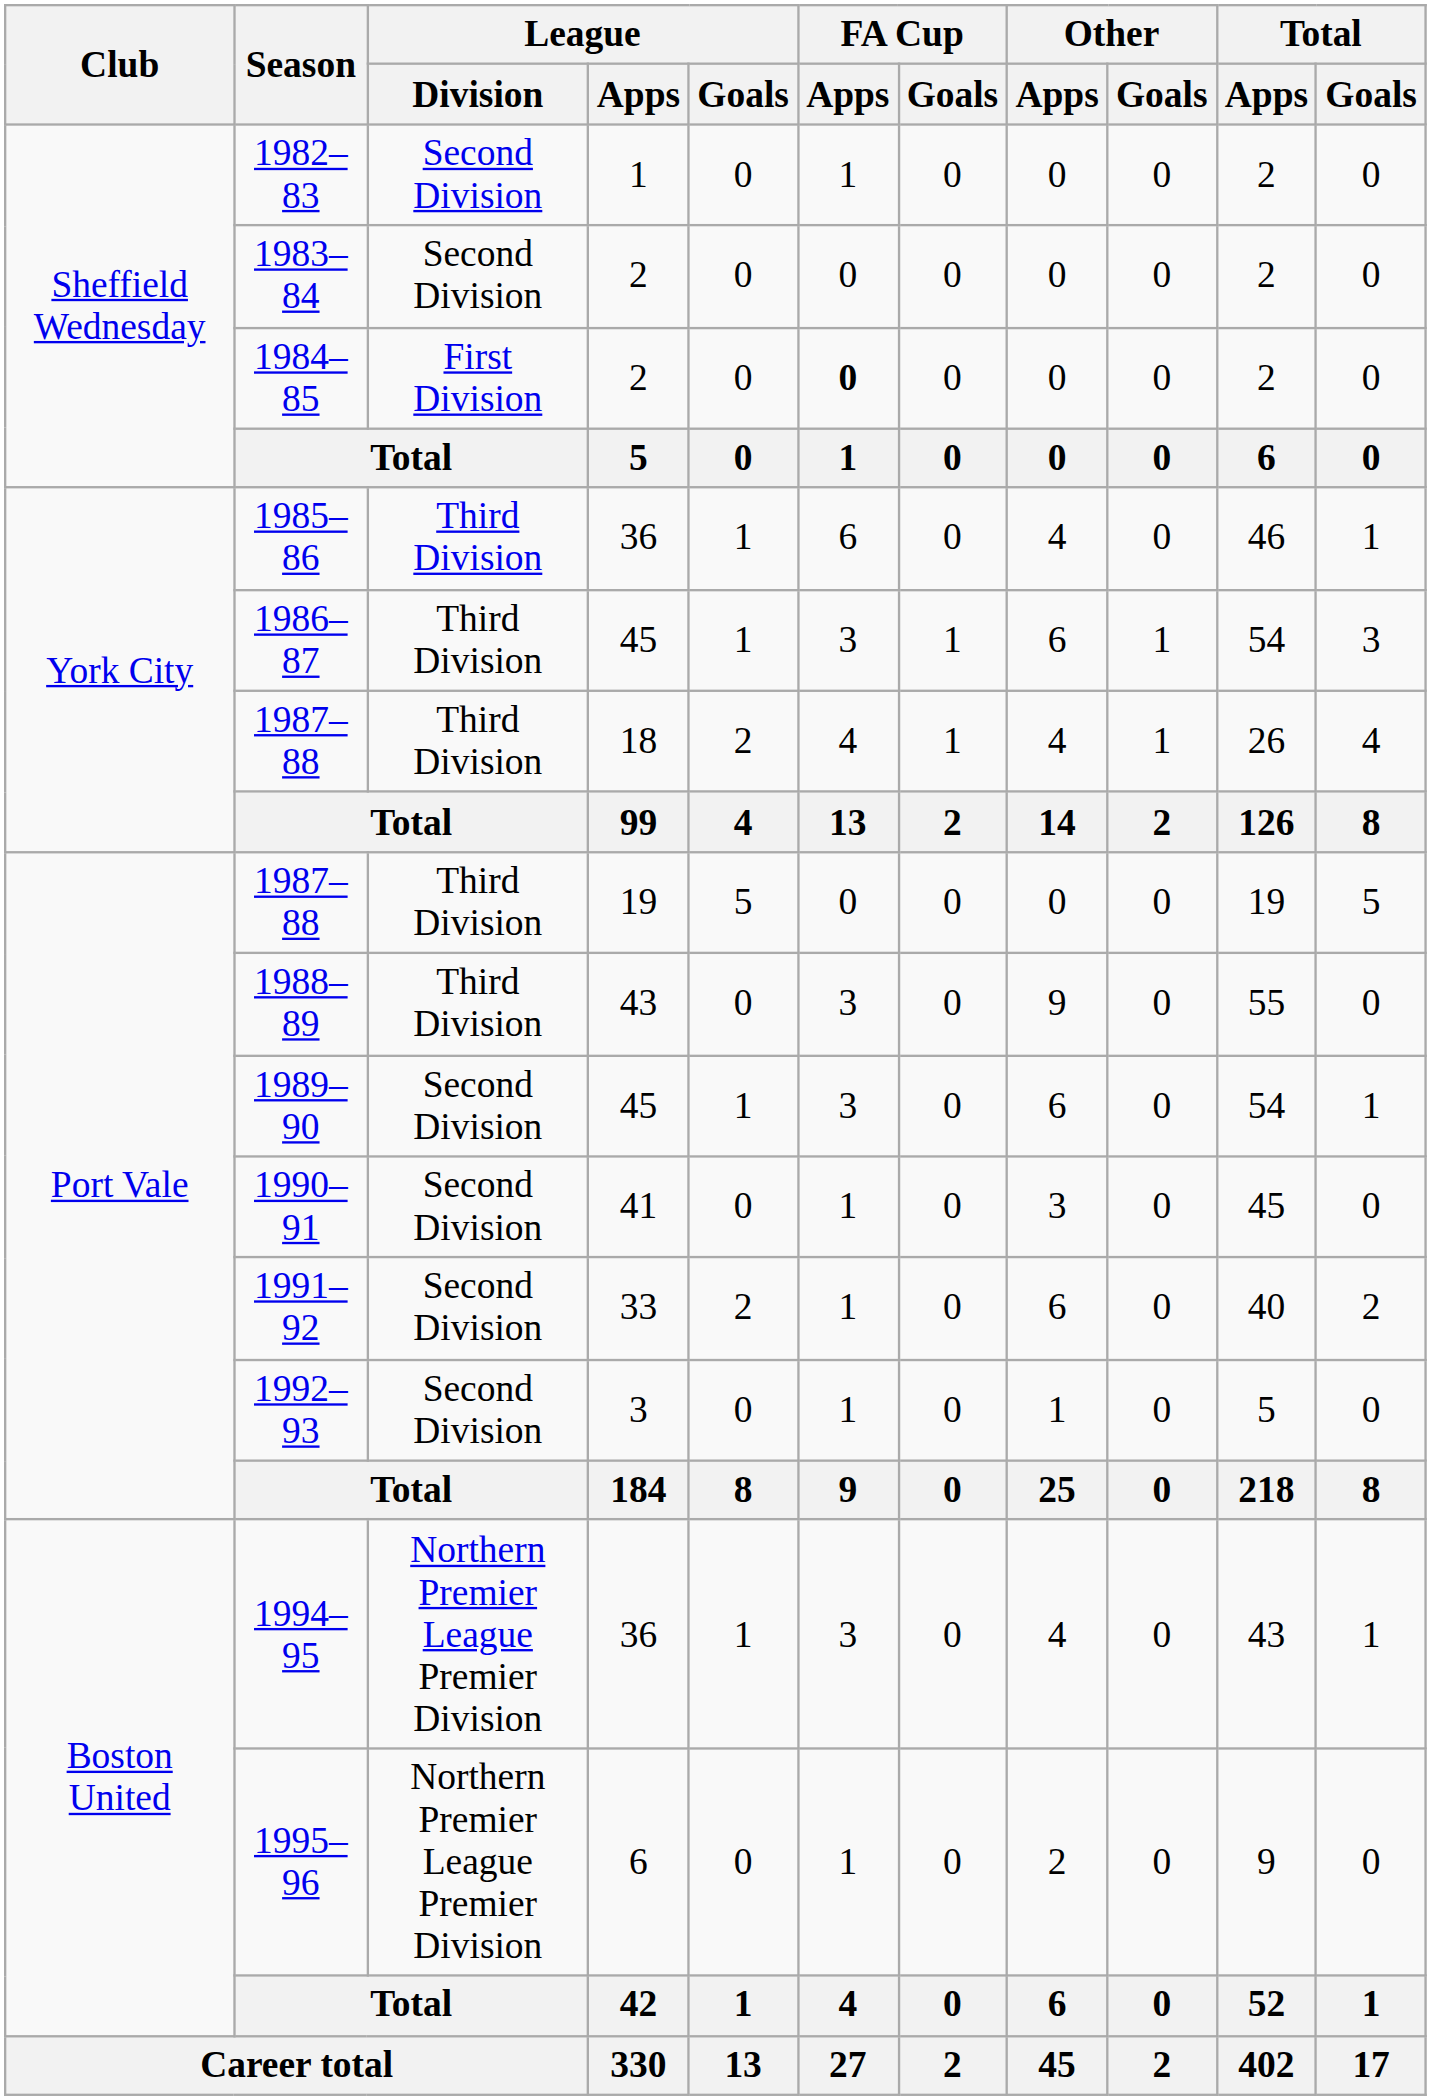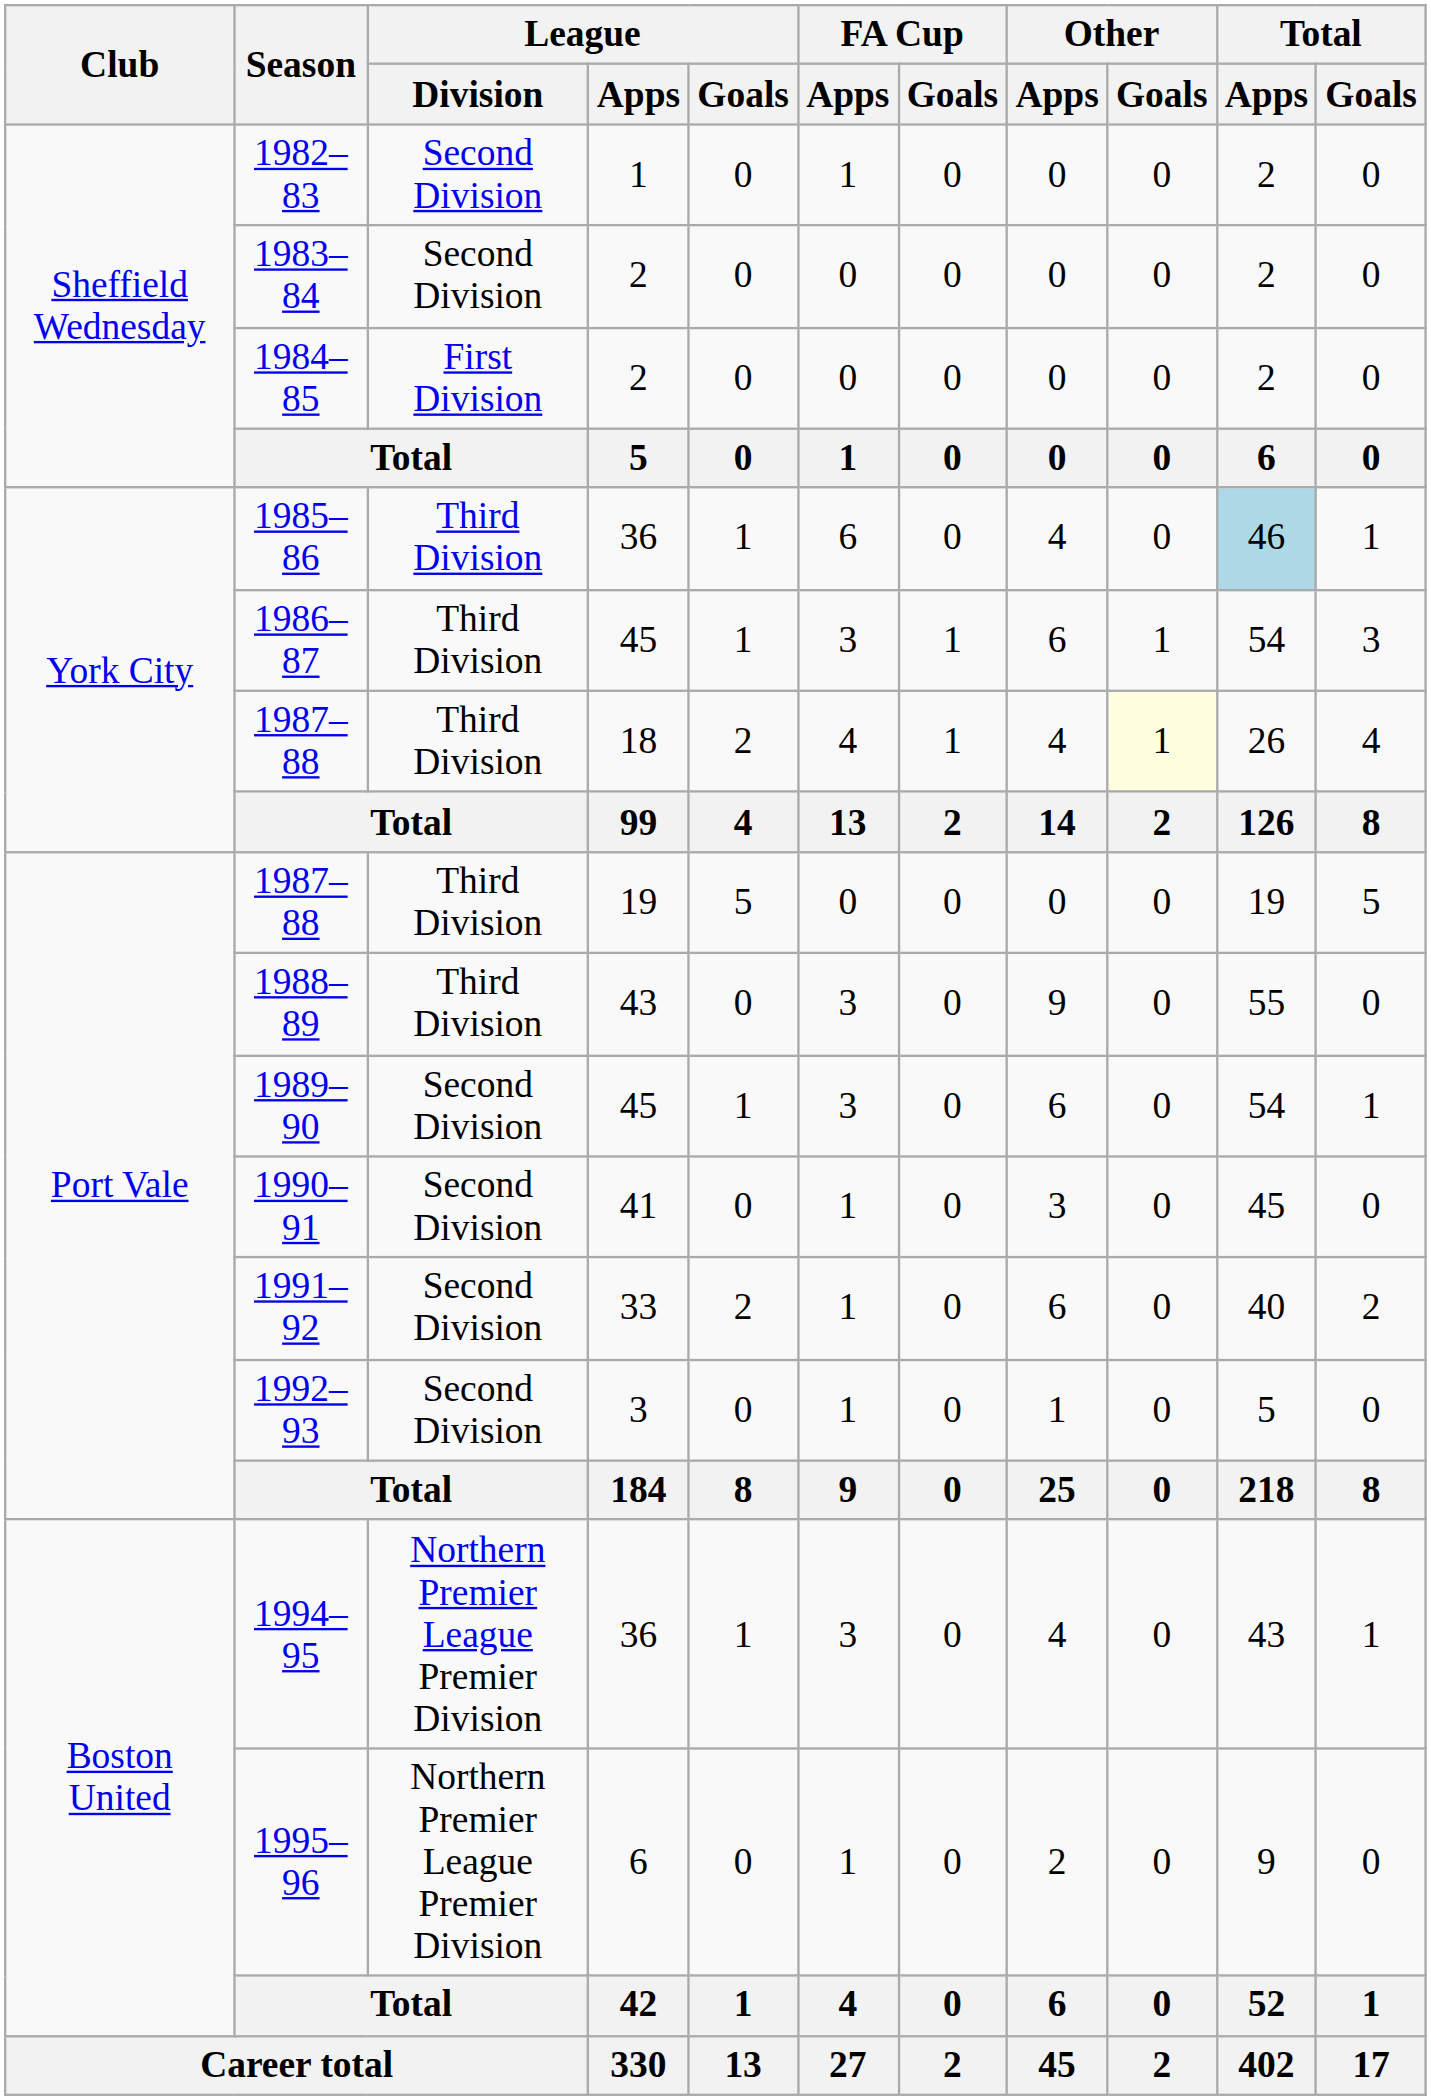 <table class="wikitable" style="text-align: center;">
 <tr>
 <th rowspan="2">Club</th>
 <th rowspan="2">Season</th>
 <th colspan="3">League</th>
 <th colspan="2">FA Cup</th>
 <th colspan="2">Other</th>
 <th colspan="2">Total</th>
 </tr>
 <tr>
 <th>Division</th>
 <th>Apps</th>
 <th>Goals</th>
 <th>Apps</th>
 <th>Goals</th>
 <th>Apps</th>
 <th>Goals</th>
 <th>Apps</th>
 <th>Goals</th>
 </tr>
 <tr>
 <td rowspan="4"><a href='#'>Sheffield Wednesday</a></td>
 <td><a href='#'>1982–83</a></td>
 <td><a href='#'>Second Division</a></td>
 <td>1</td>
 <td>0</td>
 <td>1</td>
 <td>0</td>
 <td>0</td>
 <td>0</td>
 <td>2</td>
 <td>0</td>
 </tr>
 <tr>
 <td><a href='#'>1983–84</a></td>
 <td>Second Division</td>
 <td>2</td>
 <td>0</td>
 <td>0</td>
 <td>0</td>
 <td>0</td>
 <td>0</td>
 <td>2</td>
 <td>0</td>
 </tr>
 <tr>
 <td><a href='#'>1984–85</a></td>
 <td><a href='#'>First Division</a></td>
 <td>2</td>
 <td>0</td>
-<td><strong>0</strong></td>
+<td>0</td>
 <td>0</td>
 <td>0</td>
 <td>0</td>
 <td>2</td>
 <td>0</td>
 </tr>
 <tr>
 <th colspan="2">Total</th>
 <th>5</th>
 <th>0</th>
 <th>1</th>
 <th>0</th>
 <th>0</th>
 <th>0</th>
 <th>6</th>
 <th>0</th>
 </tr>
 <tr>
 <td rowspan="4"><a href='#'>York City</a></td>
 <td><a href='#'>1985–86</a></td>
 <td><a href='#'>Third Division</a></td>
 <td>36</td>
 <td>1</td>
 <td>6</td>
 <td>0</td>
 <td>4</td>
 <td>0</td>
-<td>46</td>
+<td style="background: lightblue;">46</td>
 <td>1</td>
 </tr>
 <tr>
 <td><a href='#'>1986–87</a></td>
 <td>Third Division</td>
 <td>45</td>
 <td>1</td>
 <td>3</td>
 <td>1</td>
 <td>6</td>
 <td>1</td>
 <td>54</td>
 <td>3</td>
 </tr>
 <tr>
 <td><a href='#'>1987–88</a></td>
 <td>Third Division</td>
 <td>18</td>
 <td>2</td>
 <td>4</td>
 <td>1</td>
 <td>4</td>
-<td>1</td>
+<td style="background: lightyellow;">1</td>
 <td>26</td>
 <td>4</td>
 </tr>
 <tr>
 <th colspan="2">Total</th>
 <th>99</th>
 <th>4</th>
 <th>13</th>
 <th>2</th>
 <th>14</th>
 <th>2</th>
 <th>126</th>
 <th>8</th>
 </tr>
 <tr>
 <td rowspan="7"><a href='#'>Port Vale</a></td>
 <td><a href='#'>1987–88</a></td>
 <td>Third Division</td>
 <td>19</td>
 <td>5</td>
 <td>0</td>
 <td>0</td>
 <td>0</td>
 <td>0</td>
 <td>19</td>
 <td>5</td>
 </tr>
 <tr>
 <td><a href='#'>1988–89</a></td>
 <td>Third Division</td>
 <td>43</td>
 <td>0</td>
 <td>3</td>
 <td>0</td>
 <td>9</td>
 <td>0</td>
 <td>55</td>
 <td>0</td>
 </tr>
 <tr>
 <td><a href='#'>1989–90</a></td>
 <td>Second Division</td>
 <td>45</td>
 <td>1</td>
 <td>3</td>
 <td>0</td>
 <td>6</td>
 <td>0</td>
 <td>54</td>
 <td>1</td>
 </tr>
 <tr>
 <td><a href='#'>1990–91</a></td>
 <td>Second Division</td>
 <td>41</td>
 <td>0</td>
 <td>1</td>
 <td>0</td>
 <td>3</td>
 <td>0</td>
 <td>45</td>
 <td>0</td>
 </tr>
 <tr>
 <td><a href='#'>1991–92</a></td>
 <td>Second Division</td>
 <td>33</td>
 <td>2</td>
 <td>1</td>
 <td>0</td>
 <td>6</td>
 <td>0</td>
 <td>40</td>
 <td>2</td>
 </tr>
 <tr>
 <td><a href='#'>1992–93</a></td>
 <td>Second Division</td>
 <td>3</td>
 <td>0</td>
 <td>1</td>
 <td>0</td>
 <td>1</td>
 <td>0</td>
 <td>5</td>
 <td>0</td>
 </tr>
 <tr>
 <th colspan="2">Total</th>
 <th>184</th>
 <th>8</th>
 <th>9</th>
 <th>0</th>
 <th>25</th>
 <th>0</th>
 <th>218</th>
 <th>8</th>
 </tr>
 <tr>
 <td rowspan="3"><a href='#'>Boston United</a></td>
 <td><a href='#'>1994–95</a></td>
 <td><a href='#'>Northern Premier League</a><br>Premier Division</td>
 <td>36</td>
 <td>1</td>
 <td>3</td>
 <td>0</td>
 <td>4</td>
 <td>0</td>
 <td>43</td>
 <td>1</td>
 </tr>
 <tr>
 <td><a href='#'>1995–96</a></td>
 <td>Northern Premier League<br>Premier Division</td>
 <td>6</td>
 <td>0</td>
 <td>1</td>
 <td>0</td>
 <td>2</td>
 <td>0</td>
 <td>9</td>
 <td>0</td>
 </tr>
 <tr>
 <th colspan="2">Total</th>
 <th>42</th>
 <th>1</th>
 <th>4</th>
 <th>0</th>
 <th>6</th>
 <th>0</th>
 <th>52</th>
 <th>1</th>
 </tr>
 <tr>
 <th colspan="3">Career total</th>
 <th>330</th>
 <th>13</th>
 <th>27</th>
 <th>2</th>
 <th>45</th>
 <th>2</th>
 <th>402</th>
 <th>17</th>
 </tr>
 </table>
